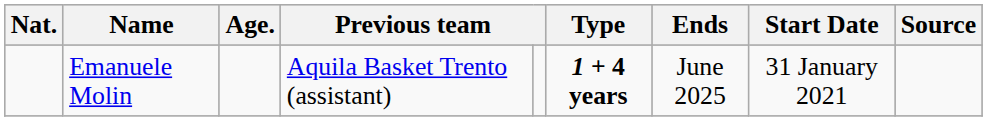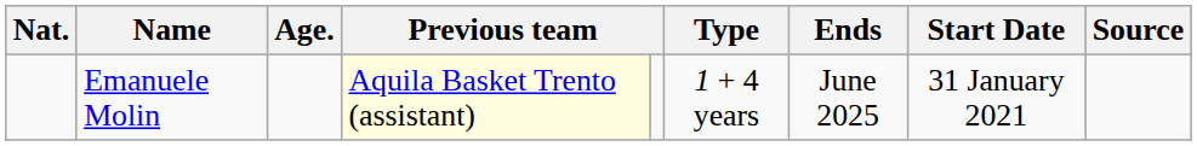 <table class="wikitable sortable">
 <tr>
 <th>Nat.</th>
 <th>Name</th>
 <th>Age.</th>
 <th colspan=2>Previous team</th>
 <th>Type</th>
 <th>Ends</th>
 <th>Start Date</th>
 <th>Source</th>
 </tr>
 <tr>
 <td style="text-align: center;"></td>
 <td><a href='#'>Emanuele Molin</a></td>
 <td style="text-align: center;"></td>
-<td><a href='#'>Aquila Basket Trento</a> (assistant)</td>
+<td style="background: lightyellow;"><a href='#'>Aquila Basket Trento</a> (assistant)</td>
 <td style="text-align: center;"></td>
-<td style="text-align: center;"><strong><em>1</em> + 4 years</strong></td>
+<td style="text-align: center;"><em>1</em> + 4 years</td>
 <td style="text-align: center;">June 2025</td>
 <td style="text-align: center;">31 January 2021</td>
 <td style="text-align: center;"></td>
 </tr>
 </table>
